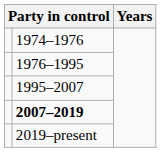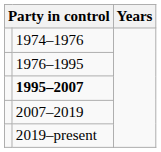 <table class="wikitable">
 <tr>
 <th colspan=2>Party in control</th>
 <th>Years</th>
 </tr>
 <tr>
 <td></td>
 <td>1974–1976</td>
 </tr>
 <tr>
 <td></td>
 <td>1976–1995</td>
 </tr>
 <tr>
 <td></td>
-<td>1995–2007</td>
+<td><strong>1995–2007</strong></td>
 </tr>
 <tr>
 <td></td>
-<td><strong>2007–2019</strong></td>
+<td>2007–2019</td>
 </tr>
 <tr>
 <td></td>
 <td>2019–present</td>
 </tr>
 </table>
